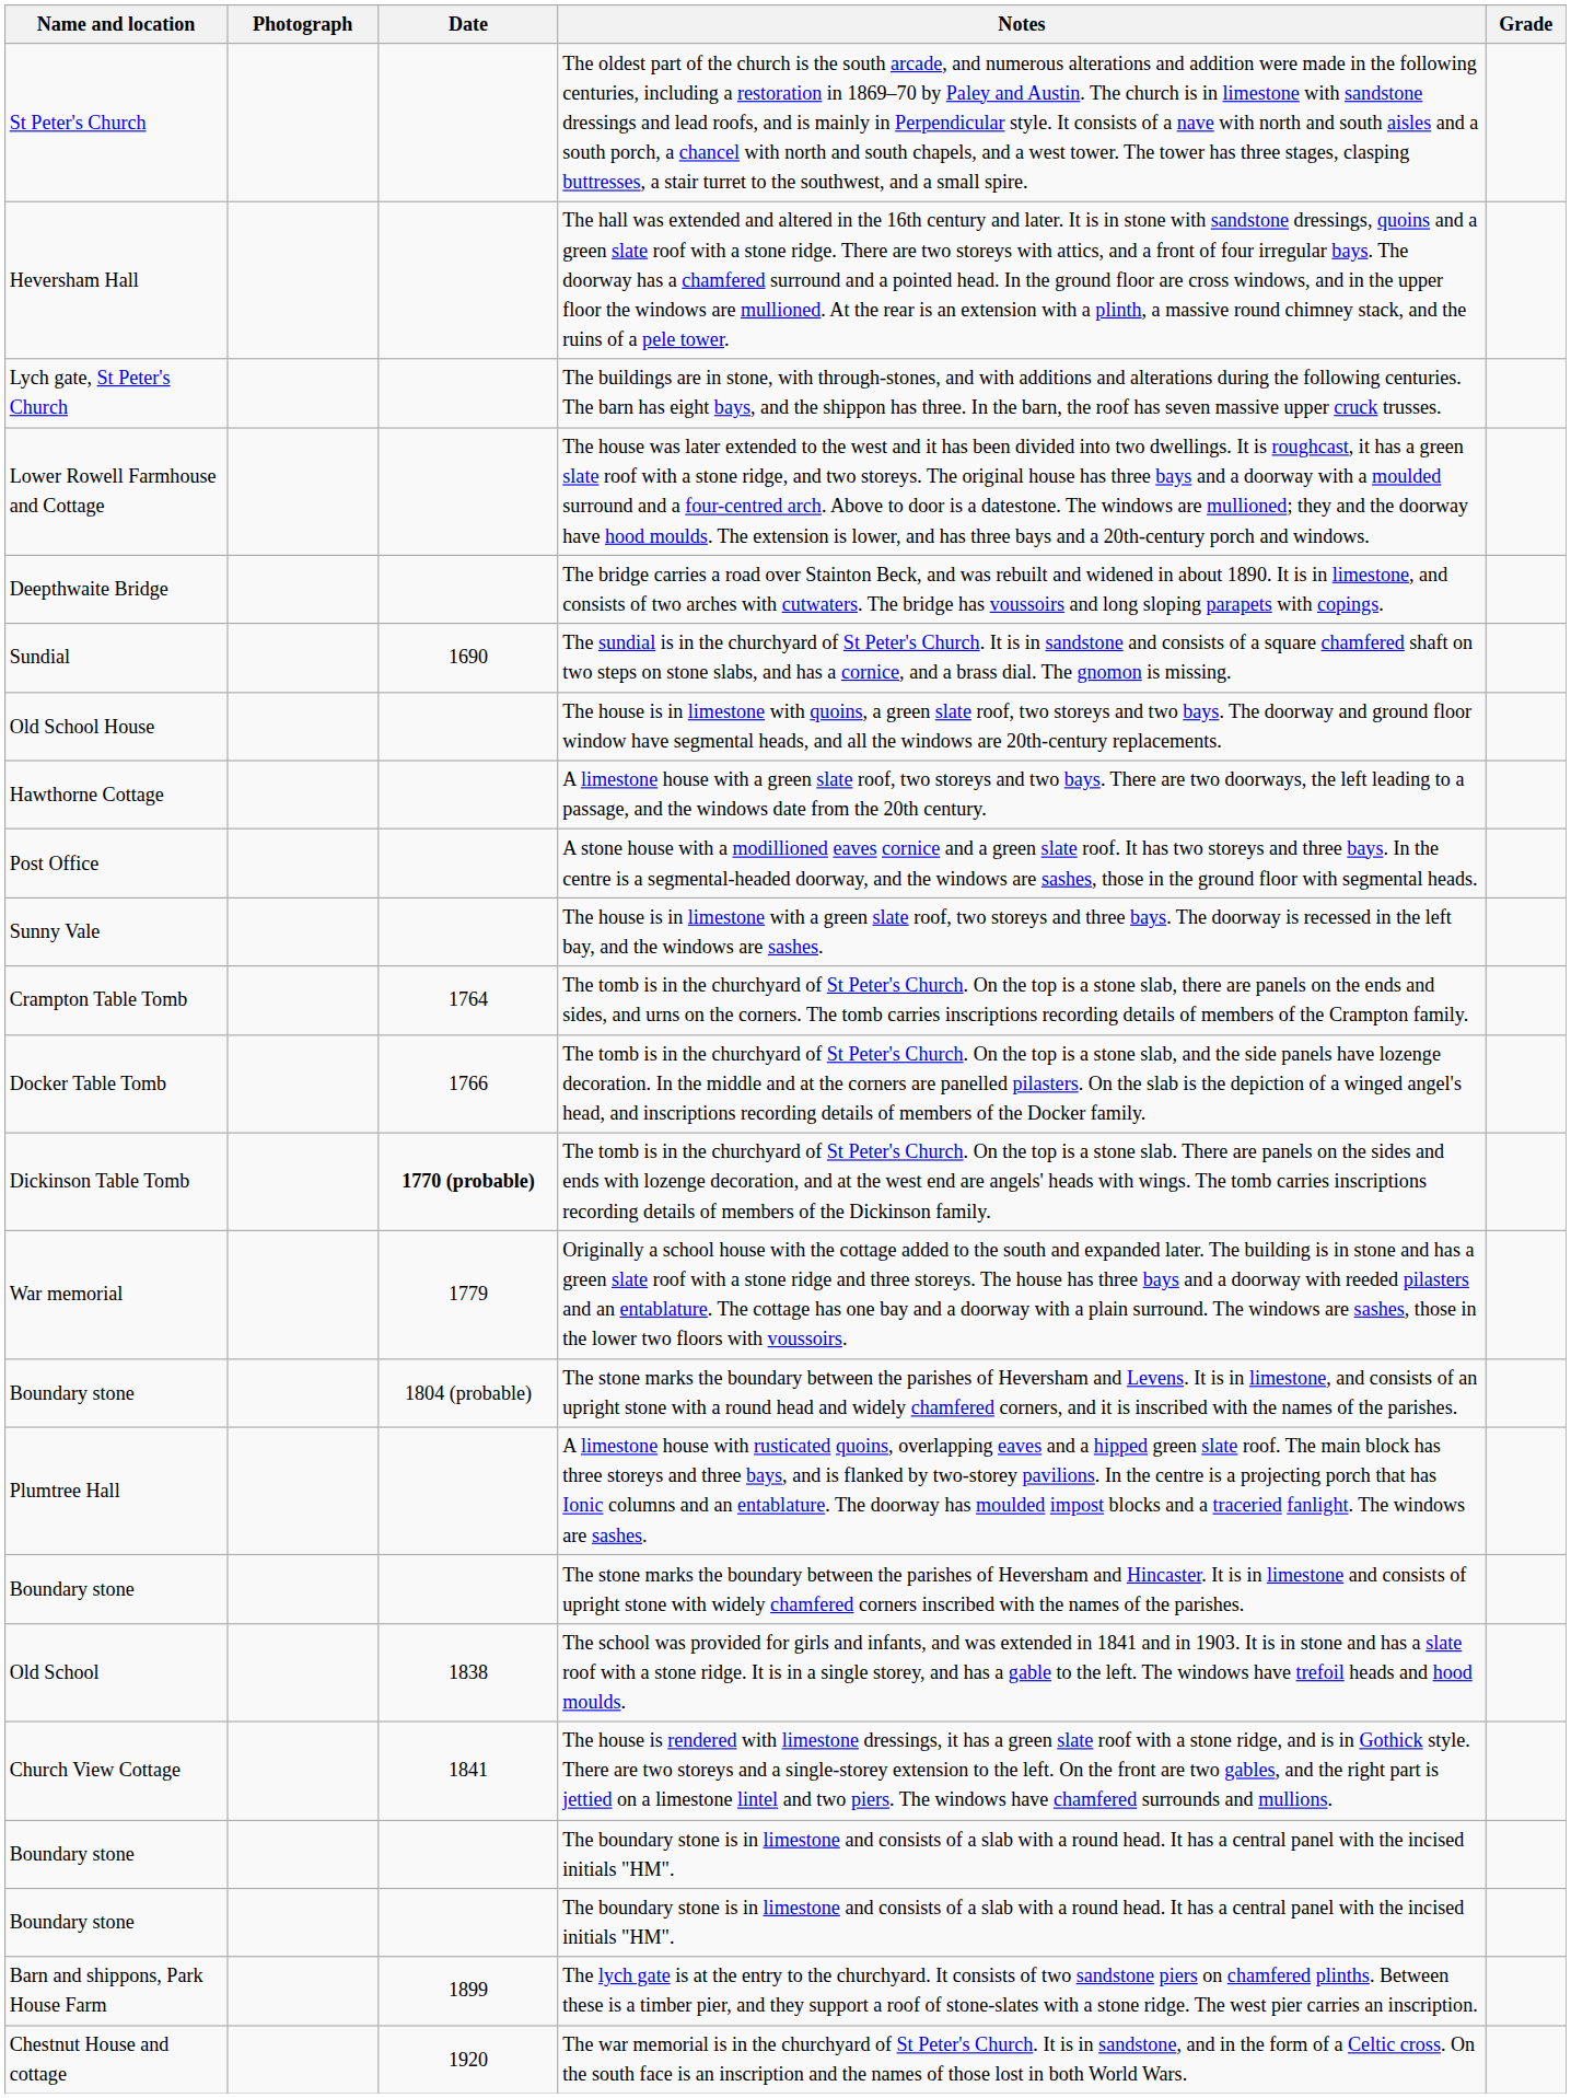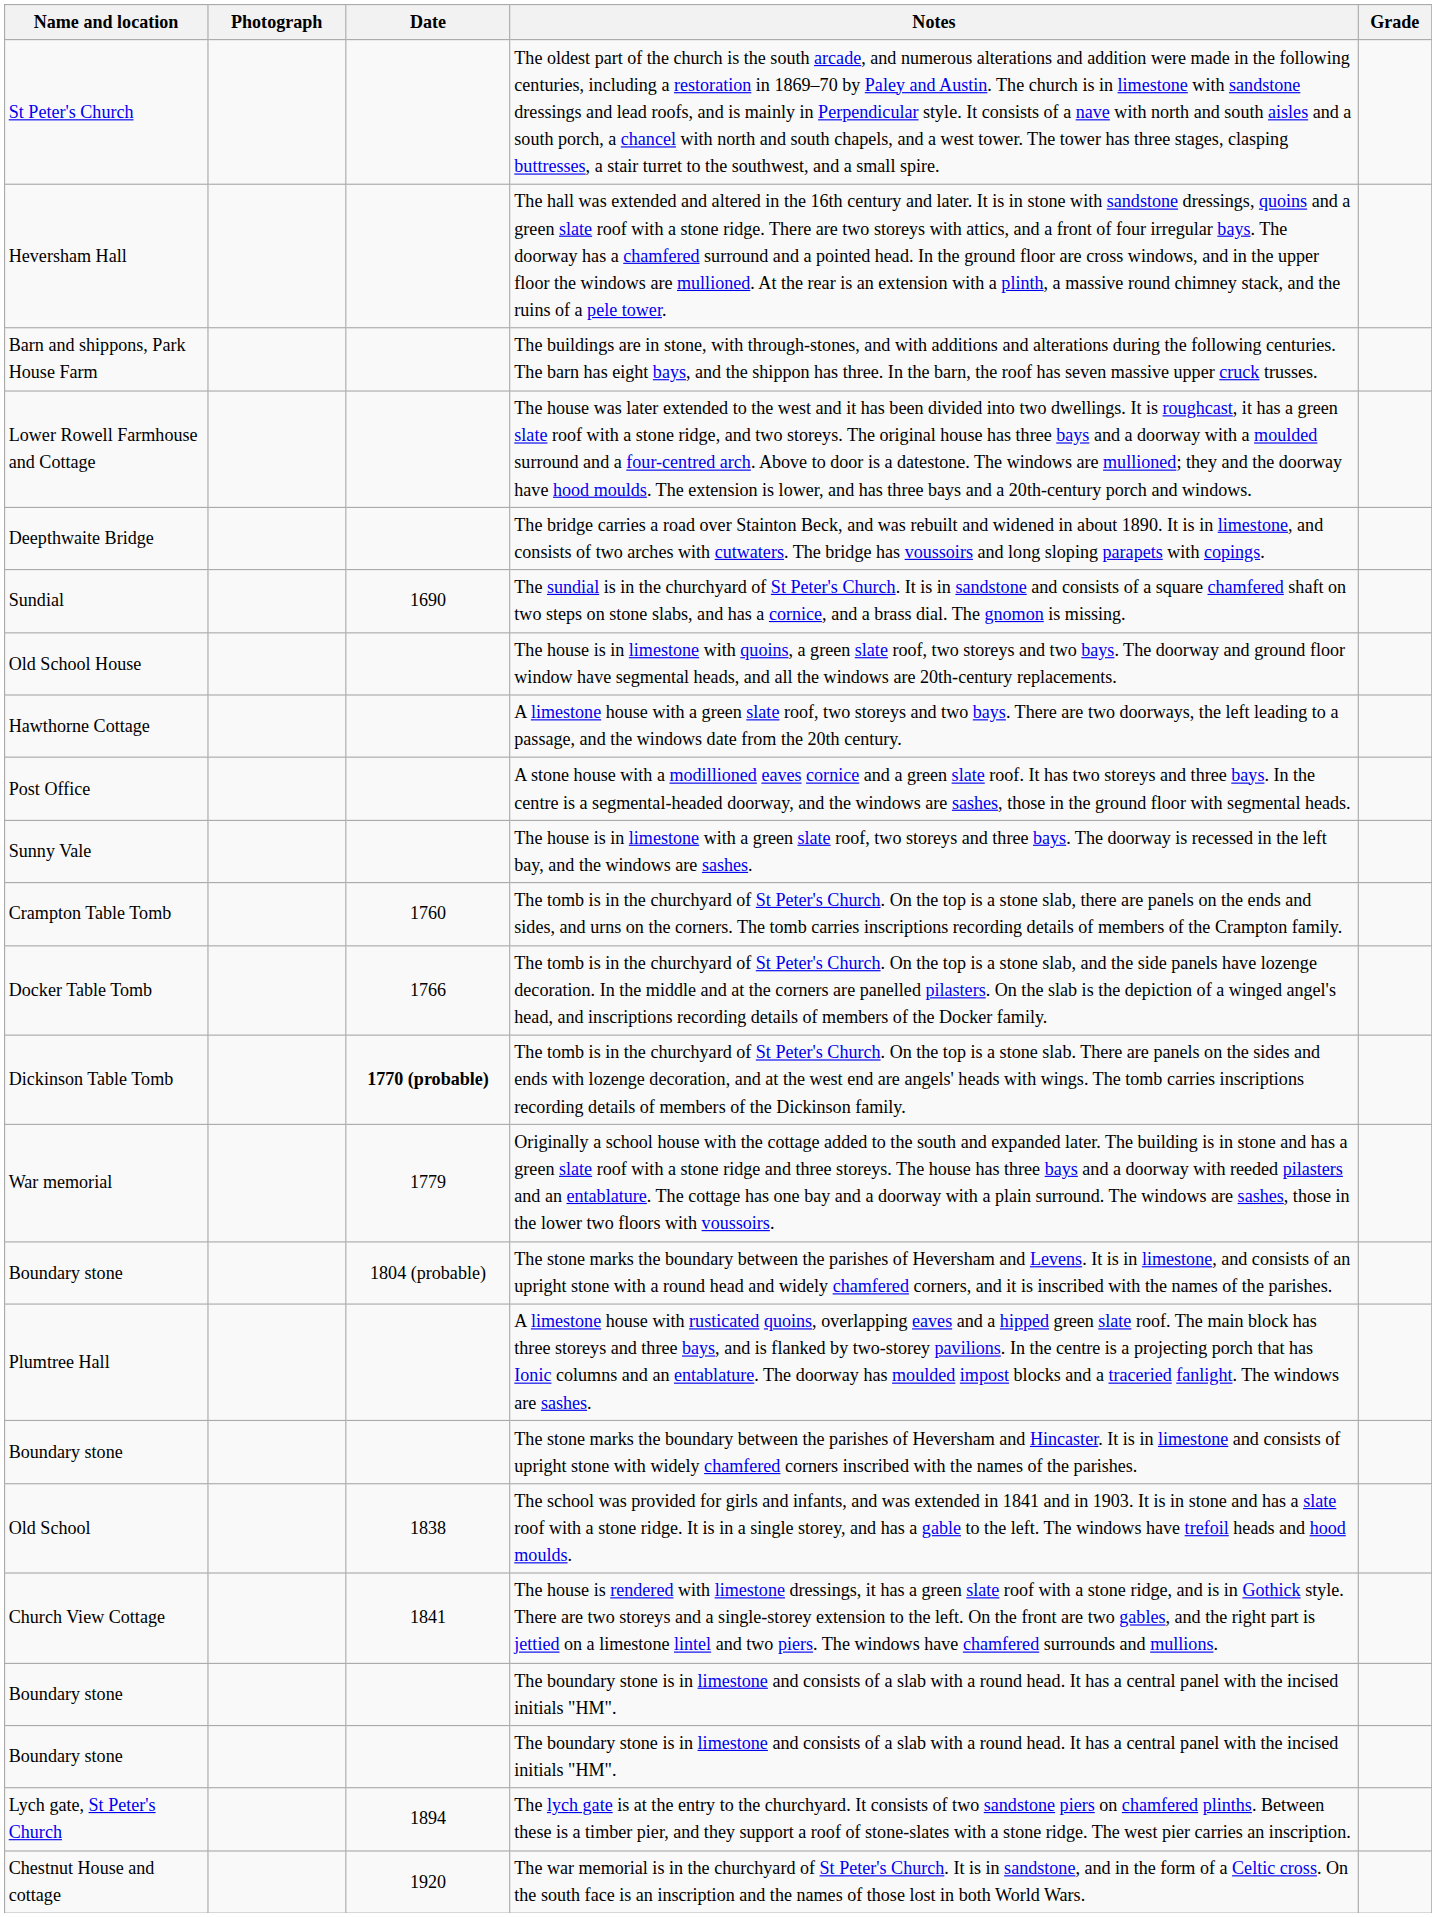 <table class="wikitable sortable plainrowheaders" style="width:100%; border:0; text-align:left; line-height:150%;">
 <tr>
 <th scope="col"  style="width:150px">Name and location</th>
 <th scope="col"  style="width:100px" class="unsortable">Photograph</th>
 <th scope="col"  style="width:120px">Date</th>
 <th scope="col"  style="width:650px" class="unsortable">Notes</th>
 <th scope="col"  style="width:50px">Grade</th>
 </tr>
 <tr>
 <td><a href='#'>St Peter's Church</a><br><small></small></td>
 <td></td>
 <td align="center"></td>
 <td>The oldest part of the church is the south <a href='#'>arcade</a>, and numerous alterations and addition were made in the following centuries, including a <a href='#'>restoration</a> in 1869–70 by <a href='#'>Paley and Austin</a>.  The church is in <a href='#'>limestone</a> with <a href='#'>sandstone</a> dressings and lead roofs, and is mainly in <a href='#'>Perpendicular</a> style.  It consists of a <a href='#'>nave</a> with north and south <a href='#'>aisles</a> and a south porch, a <a href='#'>chancel</a> with north and south chapels, and a west tower.  The tower has three stages, clasping <a href='#'>buttresses</a>, a stair turret to the southwest, and a small spire.</td>
 <td align="center" ></td>
 </tr>
 <tr>
 <td>Heversham Hall<br><small></small></td>
 <td></td>
 <td align="center"></td>
 <td>The hall was extended and altered in the 16th century and later.  It is in stone with <a href='#'>sandstone</a> dressings, <a href='#'>quoins</a> and a green <a href='#'>slate</a> roof with a stone ridge.  There are two storeys with attics, and a front of four irregular <a href='#'>bays</a>.  The doorway has a <a href='#'>chamfered</a> surround and a pointed head.  In the ground floor are cross windows, and in the upper floor the windows are <a href='#'>mullioned</a>.  At the rear is an extension with a <a href='#'>plinth</a>, a massive round chimney stack, and the ruins of a <a href='#'>pele tower</a>.</td>
 <td align="center" ></td>
 </tr>
 <tr>
-<td>Lych gate, <a href='#'>St Peter's Church</a><br><small></small></td>
+<td>Barn and shippons, Park House Farm<br><small></small></td>
 <td></td>
 <td align="center"></td>
 <td>The buildings are in stone, with through-stones, and with additions and alterations during the following centuries.  The barn has eight <a href='#'>bays</a>, and the shippon has three.  In the barn, the roof has seven massive upper <a href='#'>cruck</a> trusses.</td>
 <td align="center" ></td>
 </tr>
 <tr>
 <td>Lower Rowell Farmhouse and Cottage<br><small></small></td>
 <td></td>
 <td align="center"></td>
 <td>The house was later extended to the west and it has been divided into two dwellings.  It is <a href='#'>roughcast</a>, it has a green <a href='#'>slate</a> roof with a stone ridge, and two storeys.  The original house has three <a href='#'>bays</a> and a doorway with a <a href='#'>moulded</a> surround and a <a href='#'>four-centred arch</a>.  Above to door is a datestone. The windows are <a href='#'>mullioned</a>; they and the doorway have <a href='#'>hood moulds</a>.  The extension is lower, and has three bays and a 20th-century porch and windows.</td>
 <td align="center" ></td>
 </tr>
 <tr>
 <td>Deepthwaite Bridge<br><small></small></td>
 <td></td>
 <td align="center"></td>
 <td>The bridge carries a road over Stainton Beck, and was rebuilt and widened in about 1890.  It is in <a href='#'>limestone</a>, and consists of two arches with <a href='#'>cutwaters</a>.  The bridge has <a href='#'>voussoirs</a> and long sloping <a href='#'>parapets</a> with <a href='#'>copings</a>.</td>
 <td align="center" ></td>
 </tr>
 <tr>
 <td>Sundial<br><small></small></td>
 <td></td>
 <td align="center">1690</td>
 <td>The <a href='#'>sundial</a> is in the churchyard of <a href='#'>St Peter's Church</a>.  It is in <a href='#'>sandstone</a> and consists of a square <a href='#'>chamfered</a> shaft on two steps on stone slabs, and has a <a href='#'>cornice</a>, and a brass dial.  The <a href='#'>gnomon</a> is missing.</td>
 <td align="center" ></td>
 </tr>
 <tr>
 <td>Old School House<br><small></small></td>
 <td></td>
 <td align="center"></td>
 <td>The house is in <a href='#'>limestone</a> with <a href='#'>quoins</a>, a green <a href='#'>slate</a> roof, two storeys and two <a href='#'>bays</a>.  The doorway and ground floor window have segmental heads, and all the windows are 20th-century replacements.</td>
 <td align="center" ></td>
 </tr>
 <tr>
 <td>Hawthorne Cottage<br><small></small></td>
 <td></td>
 <td align="center"></td>
 <td>A <a href='#'>limestone</a> house with a green <a href='#'>slate</a> roof, two storeys and two <a href='#'>bays</a>.  There are two doorways, the left leading to a passage, and the windows date from the 20th century.</td>
 <td align="center" ></td>
 </tr>
 <tr>
 <td>Post Office<br><small></small></td>
 <td></td>
 <td align="center"></td>
 <td>A stone house with a <a href='#'>modillioned</a> <a href='#'>eaves</a> <a href='#'>cornice</a> and a green <a href='#'>slate</a> roof.  It has two storeys and three <a href='#'>bays</a>.  In the centre is a segmental-headed doorway, and the windows are <a href='#'>sashes</a>, those in the ground floor with segmental heads.</td>
 <td align="center" ></td>
 </tr>
 <tr>
 <td>Sunny Vale<br><small></small></td>
 <td></td>
 <td align="center"></td>
 <td>The house is in <a href='#'>limestone</a> with a green <a href='#'>slate</a> roof, two storeys and three <a href='#'>bays</a>.  The doorway is recessed in the left bay, and the windows are <a href='#'>sashes</a>.</td>
 <td align="center" ></td>
 </tr>
 <tr>
 <td>Crampton Table Tomb<br><small></small></td>
 <td></td>
-<td align="center">1764</td>
+<td align="center">1760</td>
 <td>The tomb is in the churchyard of <a href='#'>St Peter's Church</a>.  On the top is a stone slab, there are panels on the ends and sides, and urns on the corners.  The tomb carries inscriptions recording details of members of the Crampton family.</td>
 <td align="center" ></td>
 </tr>
 <tr>
 <td>Docker Table Tomb<br><small></small></td>
 <td></td>
 <td align="center">1766</td>
 <td>The tomb is in the churchyard of <a href='#'>St Peter's Church</a>.  On the top is a stone slab, and the side panels have lozenge decoration.  In the middle and at the corners are panelled <a href='#'>pilasters</a>.  On the slab is the depiction of a winged angel's head, and inscriptions recording details of members of the Docker family.</td>
 <td align="center" ></td>
 </tr>
 <tr>
 <td>Dickinson Table Tomb<br><small></small></td>
 <td></td>
 <td align="center"><strong>1770 (probable)</strong></td>
 <td>The tomb is in the churchyard of <a href='#'>St Peter's Church</a>.  On the top is a stone slab.  There are panels on the sides and ends with lozenge decoration, and at the west end are angels' heads with wings.  The tomb carries inscriptions recording details of members of the Dickinson family.</td>
 <td align="center" ></td>
 </tr>
 <tr>
 <td>War memorial<br><small></small></td>
 <td></td>
 <td align="center">1779</td>
 <td>Originally a school house with the cottage added to the south and expanded later.  The building is in stone and has a green <a href='#'>slate</a> roof with a stone ridge and three storeys.  The house has three <a href='#'>bays</a> and a doorway with reeded <a href='#'>pilasters</a> and an <a href='#'>entablature</a>.  The cottage has one bay and a doorway with a plain surround.  The windows are <a href='#'>sashes</a>, those in the lower two floors with <a href='#'>voussoirs</a>.</td>
 <td align="center" ></td>
 </tr>
 <tr>
 <td>Boundary stone<br><small></small></td>
 <td></td>
 <td align="center">1804 (probable)</td>
 <td>The stone marks the boundary between the parishes of Heversham and <a href='#'>Levens</a>.  It is in <a href='#'>limestone</a>, and consists of an upright stone with a round head and widely <a href='#'>chamfered</a> corners, and it is inscribed with the names of the parishes.</td>
 <td align="center" ></td>
 </tr>
 <tr>
 <td>Plumtree Hall<br><small></small></td>
 <td></td>
 <td align="center"></td>
 <td>A <a href='#'>limestone</a> house with <a href='#'>rusticated</a> <a href='#'>quoins</a>, overlapping <a href='#'>eaves</a> and a <a href='#'>hipped</a> green <a href='#'>slate</a> roof.  The main block has three storeys and three <a href='#'>bays</a>, and is flanked by two-storey <a href='#'>pavilions</a>.  In the centre is a projecting porch that has <a href='#'>Ionic</a> columns and an <a href='#'>entablature</a>.  The doorway has <a href='#'>moulded</a> <a href='#'>impost</a> blocks and a <a href='#'>traceried</a> <a href='#'>fanlight</a>.  The windows are <a href='#'>sashes</a>.</td>
 <td align="center" ></td>
 </tr>
 <tr>
 <td>Boundary stone<br><small></small></td>
 <td></td>
 <td align="center"></td>
 <td>The stone marks the boundary between the parishes of Heversham and <a href='#'>Hincaster</a>.  It is in <a href='#'>limestone</a> and consists of upright stone with widely <a href='#'>chamfered</a> corners inscribed with the names of the parishes.</td>
 <td align="center" ></td>
 </tr>
 <tr>
 <td>Old School<br><small></small></td>
 <td></td>
 <td align="center">1838</td>
 <td>The school was provided for girls and infants, and was extended in 1841 and in 1903.  It is in stone and has a <a href='#'>slate</a> roof with a stone ridge.  It is in a single storey, and has a <a href='#'>gable</a> to the left.  The windows have <a href='#'>trefoil</a> heads and <a href='#'>hood moulds</a>.</td>
 <td align="center" ></td>
 </tr>
 <tr>
 <td>Church View Cottage<br><small></small></td>
 <td></td>
 <td align="center">1841</td>
 <td>The house is <a href='#'>rendered</a> with <a href='#'>limestone</a> dressings, it has a green <a href='#'>slate</a> roof with a stone ridge, and is in <a href='#'>Gothick</a> style.  There are two storeys and a single-storey extension to the left.  On the front are two <a href='#'>gables</a>, and the right part is <a href='#'>jettied</a> on a limestone <a href='#'>lintel</a> and two <a href='#'>piers</a>.  The windows have <a href='#'>chamfered</a> surrounds and <a href='#'>mullions</a>.</td>
 <td align="center" ></td>
 </tr>
 <tr>
 <td>Boundary stone<br><small></small></td>
 <td></td>
 <td align="center"></td>
 <td>The boundary stone is in <a href='#'>limestone</a> and consists of a slab with a round head.  It has a central panel with the incised initials "HM".</td>
 <td align="center" ></td>
 </tr>
 <tr>
 <td>Boundary stone<br><small></small></td>
 <td></td>
 <td align="center"></td>
 <td>The boundary stone is in <a href='#'>limestone</a> and consists of a slab with a round head.  It has a central panel with the incised initials "HM".</td>
 <td align="center" ></td>
 </tr>
 <tr>
-<td>Barn and shippons, Park House Farm<br><small></small></td>
+<td>Lych gate, <a href='#'>St Peter's Church</a><br><small></small></td>
 <td></td>
-<td align="center">1899</td>
+<td align="center">1894</td>
 <td>The <a href='#'>lych gate</a> is at the entry to the churchyard.  It consists of two <a href='#'>sandstone</a> <a href='#'>piers</a> on <a href='#'>chamfered</a> <a href='#'>plinths</a>.  Between these is a timber pier, and they support a roof of stone-slates with a stone ridge.  The west pier carries an inscription.</td>
 <td align="center" ></td>
 </tr>
 <tr>
 <td>Chestnut House and cottage<br><small></small></td>
 <td></td>
 <td align="center">1920</td>
 <td>The war memorial is in the churchyard of <a href='#'>St Peter's Church</a>.  It is in <a href='#'>sandstone</a>, and in the form of a <a href='#'>Celtic cross</a>.  On the south face is an inscription and the names of those lost in both World Wars.</td>
 <td align="center" ></td>
 </tr>
 <tr>
 </tr>
 </table>
